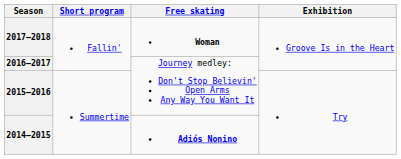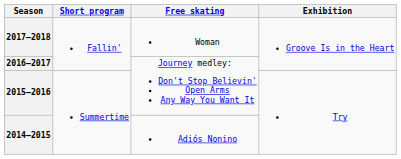 <table class=wikitable style=text-align:center>
 <tr>
 <th>Season</th>
 <th><a href='#'>Short program</a></th>
 <th><a href='#'>Free skating</a></th>
 <th>Exhibition</th>
 </tr>
 <tr>
 <th>2017–2018 <br> </th>
 <td rowspan=2><br><ul><li><a href='#'>Fallin'</a> <br></li></ul></td>
-<td><strong><br><ul><li>Woman <br></li></ul></strong></td>
+<td><br><ul><li>Woman <br></li></ul></td>
 <td rowspan=2><br><ul><li><a href='#'>Groove Is in the Heart</a><br></li></ul></td>
 </tr>
 <tr>
 <th>2016–2017 <br> </th>
 <td rowspan=2><a href='#'>Journey</a> medley:<br><ul><li><a href='#'>Don't Stop Believin'</a></li><li><a href='#'>Open Arms</a></li><li><a href='#'>Any Way You Want It</a> <br></li></ul></td>
 </tr>
 <tr>
 <th>2015–2016 <br> </th>
 <td rowspan=2><br><ul><li><a href='#'>Summertime</a> <br></li></ul></td>
 <td rowspan=2><br><ul><li><a href='#'>Try</a> <br></li></ul></td>
 </tr>
 <tr>
 <th>2014–2015 <br> </th>
-<td><strong><br><ul><li><a href='#'>Adiós Nonino</a> <br></li></ul></strong></td>
+<td><br><ul><li><a href='#'>Adiós Nonino</a> <br></li></ul></td>
 </tr>
 </table>
